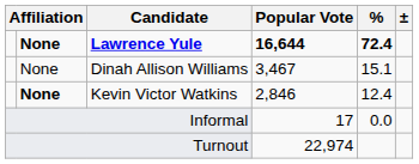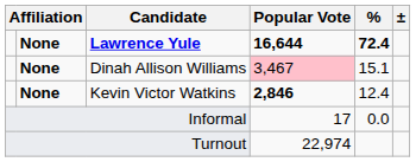 <table class="wikitable col4right col5right">
 <tr>
 <th colspan="2">Affiliation</th>
 <th>Candidate</th>
 <th>Popular Vote</th>
 <th>%</th>
 <th>±</th>
 </tr>
 <tr>
 <td></td>
 <td><strong>None</strong></td>
 <td><strong><a href='#'>Lawrence Yule</a></strong></td>
 <td><strong>16,644</strong></td>
 <td><strong>72.4</strong></td>
 <td></td>
 </tr>
 <tr>
 <td></td>
-<td>None</td>
+<td><strong>None</strong></td>
 <td>Dinah Allison Williams</td>
-<td>3,467</td>
+<td style="background: pink;">3,467</td>
 <td>15.1</td>
 <td></td>
 </tr>
 <tr>
 <td></td>
 <td><strong>None</strong></td>
 <td>Kevin Victor Watkins</td>
-<td>2,846</td>
+<td><strong>2,846</strong></td>
 <td>12.4</td>
 <td></td>
 </tr>
 <tr>
 <td colspan="3" style="text-align:right;background-color:#eaecf0">Informal</td>
 <td style="text-align:right">17</td>
 <td style="text-align:right">0.0</td>
 <td></td>
 </tr>
 <tr>
 <td colspan="3" style="text-align:right;background-color:#eaecf0">Turnout</td>
 <td style="text-align:right">22,974</td>
 <td></td>
 </tr>
 </table>
